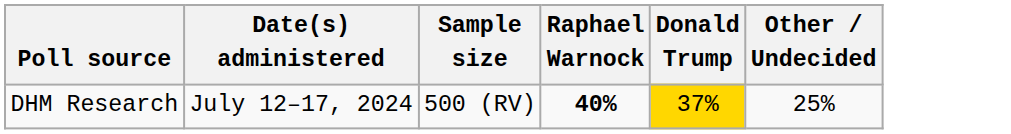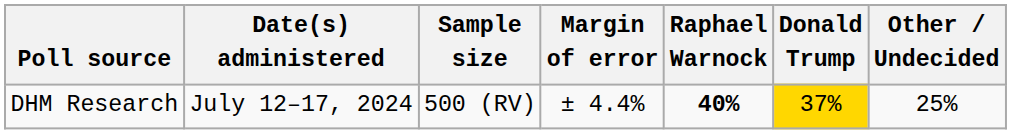 <table class="wikitable sortable mw-datatable" style="font-size:90%;text-align:center;line-height:17px">
 <tr valign=bottom>
 <th>Poll source</th>
 <th>Date(s)<br>administered</th>
 <th>Sample<br>size</th>
+<th>Margin<br>of error</th>
 <th class="unsortable">Raphael<br>Warnock<br></th>
 <th class="unsortable">Donald<br>Trump<br></th>
 <th class="unsortable">Other /<br>Undecided</th>
 </tr>
 <tr>
 <td style="text-align:left;">DHM Research</td>
 <td data-sort-value="2024-08-16">July 12–17, 2024</td>
 <td>500 (RV)</td>
+<td>± 4.4%</td>
 <td style="color:black;background-color:"><strong>40%</strong></td>
 <td style="background: gold;">37%</td>
 <td>25%</td>
 </tr>
 </table>
